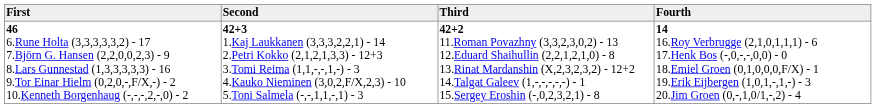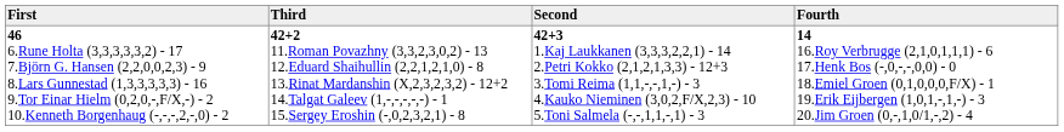 <table border=1 cellpadding=2 cellspacing=0 width=75% style="border-collapse:collapse">
 <tr align=left style="background:#efefef;">
 <th width=20%>First</th>
+<th width=20%>Third</th>
 <th width=20%>Second</th>
-<th width=20%>Third</th>
 <th width=20%>Fourth</th>
 </tr>
 <tr align=left>
 <td valign=top><strong> 46</strong><br>6.<a href='#'>Rune Holta</a> (3,3,3,3,3,2) - 17<br>7.<a href='#'>Björn G. Hansen</a> (2,2,0,0,2,3) - 9 <br>8.<a href='#'>Lars Gunnestad</a> (1,3,3,3,3,3) - 16<br>9.<a href='#'>Tor Einar Hielm</a> (0,2,0,-,F/X,-) - 2<br>10.<a href='#'>Kenneth Borgenhaug</a> (-,-,-,2,-,0) - 2</td>
+<td valign=top><strong> 42+2</strong><br>11.<a href='#'>Roman Povazhny</a> (3,3,2,3,0,2) - 13<br>12.<a href='#'>Eduard Shaihullin</a> (2,2,1,2,1,0) - 8<br>13.<a href='#'>Rinat Mardanshin</a> (X,2,3,2,3,2) - 12+2<br>14.<a href='#'>Talgat Galeev</a> (1,-,-,-,-,-) - 1<br>15.<a href='#'>Sergey Eroshin</a> (-,0,2,3,2,1) - 8</td>
 <td valign=top><strong> 42+3</strong><br>1.<a href='#'>Kaj Laukkanen</a> (3,3,3,2,2,1) - 14<br>2.<a href='#'>Petri Kokko</a> (2,1,2,1,3,3) - 12+3<br>3.<a href='#'>Tomi Reima</a> (1,1,-,-,1,-) - 3<br>4.<a href='#'>Kauko Nieminen</a> (3,0,2,F/X,2,3) - 10<br>5.<a href='#'>Toni Salmela</a> (-,-,1,1,-,1) - 3</td>
-<td valign=top><strong> 42+2</strong><br>11.<a href='#'>Roman Povazhny</a> (3,3,2,3,0,2) - 13<br>12.<a href='#'>Eduard Shaihullin</a> (2,2,1,2,1,0) - 8<br>13.<a href='#'>Rinat Mardanshin</a> (X,2,3,2,3,2) - 12+2<br>14.<a href='#'>Talgat Galeev</a> (1,-,-,-,-,-) - 1<br>15.<a href='#'>Sergey Eroshin</a> (-,0,2,3,2,1) - 8</td>
 <td valign=top><strong> 14</strong><br>16.<a href='#'>Roy Verbrugge</a> (2,1,0,1,1,1) - 6<br>17.<a href='#'>Henk Bos</a> (-,0,-,-,0,0) - 0<br>18.<a href='#'>Emiel Groen</a> (0,1,0,0,0,F/X) - 1<br>19.<a href='#'>Erik Eijbergen</a> (1,0,1,-,1,-) - 3<br>20.<a href='#'>Jim Groen</a> (0,-,1,0/1,-,2) - 4</td>
 </tr>
 </table>
